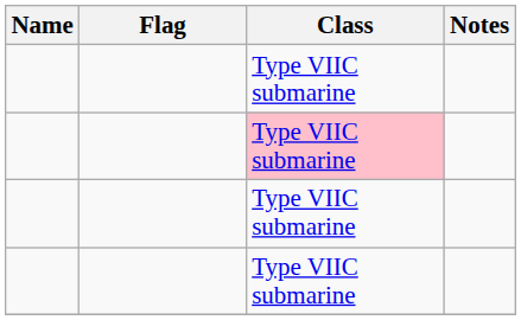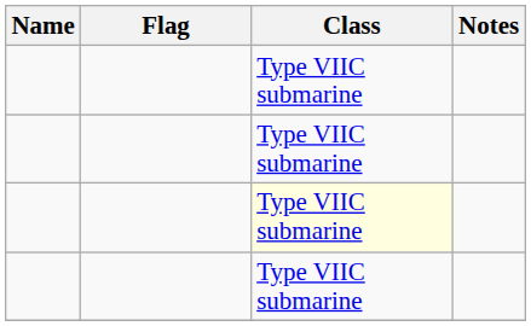 <table class="wikitable sortable">
 <tr>
 <th scope="col" width="40px">Name</th>
 <th scope="col" width="100px">Flag</th>
 <th scope="col" width="120px">Class</th>
 <th>Notes</th>
 </tr>
 <tr>
 <td align="left"></td>
 <td align="left"></td>
 <td align="left"><a href='#'>Type VIIC submarine</a></td>
 <td align="left"></td>
 </tr>
 <tr>
 <td align="left"></td>
 <td align="left"></td>
-<td align="left" style="background: pink;"><a href='#'>Type VIIC submarine</a></td>
+<td align="left"><a href='#'>Type VIIC submarine</a></td>
 <td align="left"></td>
 </tr>
 <tr>
 <td align="left"></td>
 <td align="left"></td>
-<td align="left"><a href='#'>Type VIIC submarine</a></td>
+<td align="left" style="background: lightyellow;"><a href='#'>Type VIIC submarine</a></td>
 <td align="left"></td>
 </tr>
 <tr>
 <td align="left"></td>
 <td align="left"></td>
 <td align="left"><a href='#'>Type VIIC submarine</a></td>
 <td align="left"></td>
 </tr>
 <tr>
 </tr>
 </table>
